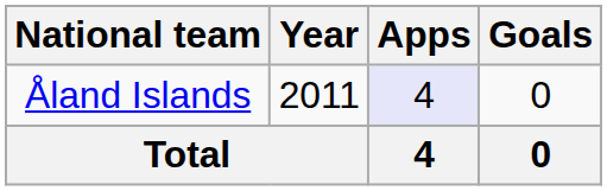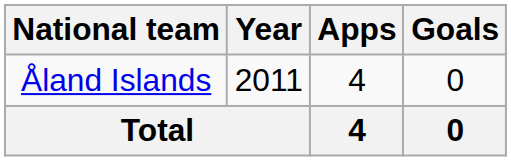 <table class="wikitable" style="text-align:center">
 <tr>
 <th>National team</th>
 <th>Year</th>
 <th>Apps</th>
 <th>Goals</th>
 </tr>
 <tr>
 <td rowspan="1"><a href='#'>Åland Islands</a></td>
 <td>2011</td>
-<td style="background: lavender;">4</td>
+<td>4</td>
 <td>0</td>
 </tr>
 <tr>
 <th colspan="2">Total</th>
 <th>4</th>
 <th>0</th>
 </tr>
 </table>
